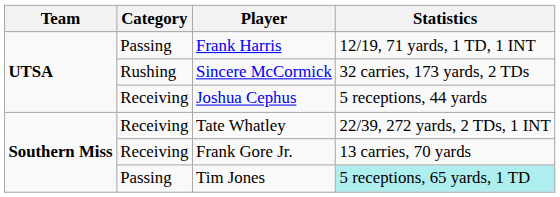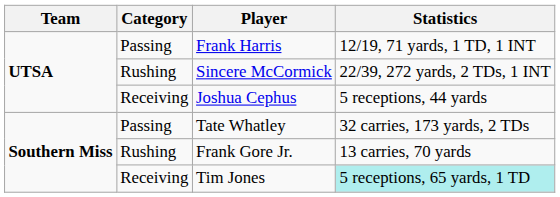 <table class="wikitable" style="float: left;">
 <tr>
 <th>Team</th>
 <th>Category</th>
 <th>Player</th>
 <th>Statistics</th>
 </tr>
 <tr>
 <td rowspan=3><strong>UTSA</strong></td>
 <td>Passing</td>
 <td><a href='#'>Frank Harris</a></td>
 <td>12/19, 71 yards, 1 TD, 1 INT</td>
 </tr>
 <tr>
 <td>Rushing</td>
 <td><a href='#'>Sincere McCormick</a></td>
-<td>32 carries, 173 yards, 2 TDs</td>
+<td>22/39, 272 yards, 2 TDs, 1 INT</td>
 </tr>
 <tr>
 <td>Receiving</td>
 <td><a href='#'>Joshua Cephus</a></td>
 <td>5 receptions, 44 yards</td>
 </tr>
 <tr>
 <td rowspan=3><strong>Southern Miss</strong></td>
-<td>Receiving</td>
+<td>Passing</td>
 <td>Tate Whatley</td>
-<td>22/39, 272 yards, 2 TDs, 1 INT</td>
+<td>32 carries, 173 yards, 2 TDs</td>
 </tr>
 <tr>
-<td>Receiving</td>
+<td>Rushing</td>
 <td>Frank Gore Jr.</td>
 <td>13 carries, 70 yards</td>
 </tr>
 <tr>
-<td>Passing</td>
+<td>Receiving</td>
 <td>Tim Jones</td>
 <td style="background: paleturquoise;">5 receptions, 65 yards, 1 TD</td>
 </tr>
 </table>
